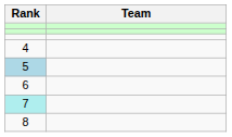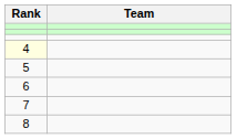 <table class="wikitable" style="text-align: center;">
 <tr>
 <th width="50">Rank</th>
 <th width="240">Team</th>
 </tr>
 <tr bgcolor="ccffcc">
 <td></td>
 <td align="left"></td>
 </tr>
 <tr bgcolor="ccffcc">
 <td></td>
 <td align="left"></td>
 </tr>
 <tr>
 <td></td>
 <td align="left"></td>
 </tr>
 <tr>
-<td>4</td>
+<td style="background: lightyellow;">4</td>
 <td align="left"></td>
 </tr>
 <tr>
-<td style="background: lightblue;">5</td>
+<td>5</td>
 <td align="left"></td>
 </tr>
 <tr>
 <td>6</td>
 <td align="left"></td>
 </tr>
 <tr>
-<td style="background: paleturquoise;">7</td>
+<td>7</td>
 <td align="left"></td>
 </tr>
 <tr>
 <td>8</td>
 <td align="left"></td>
 </tr>
 </table>
